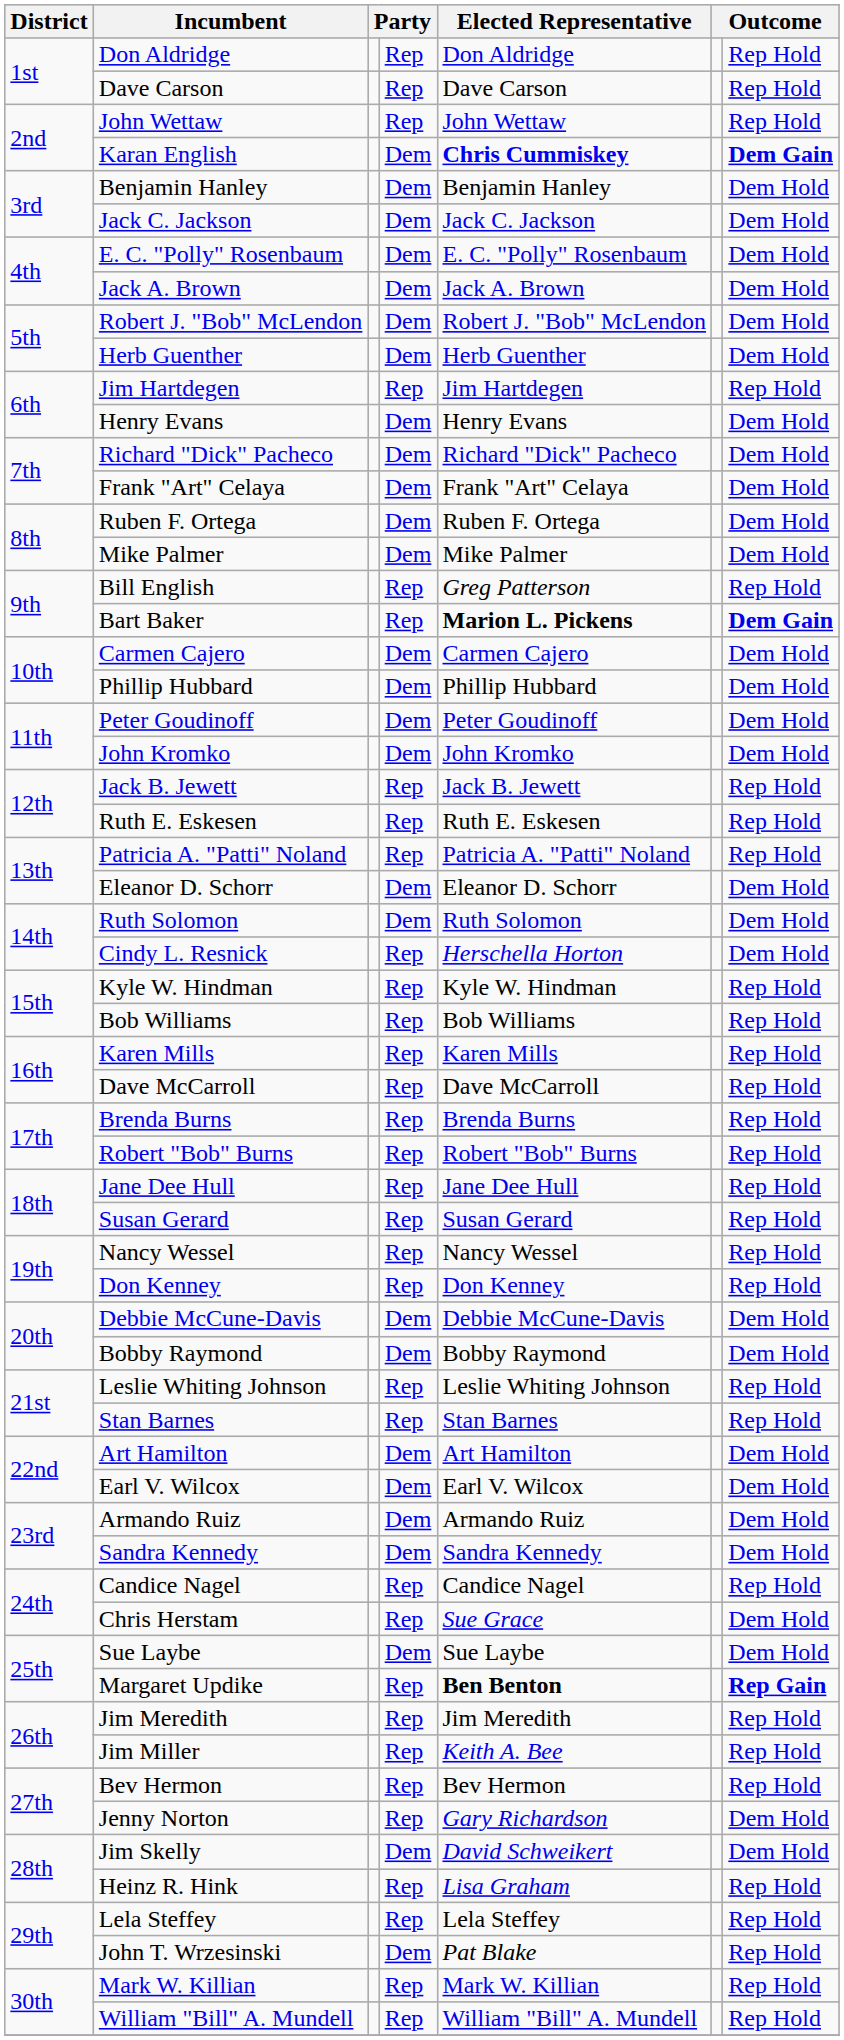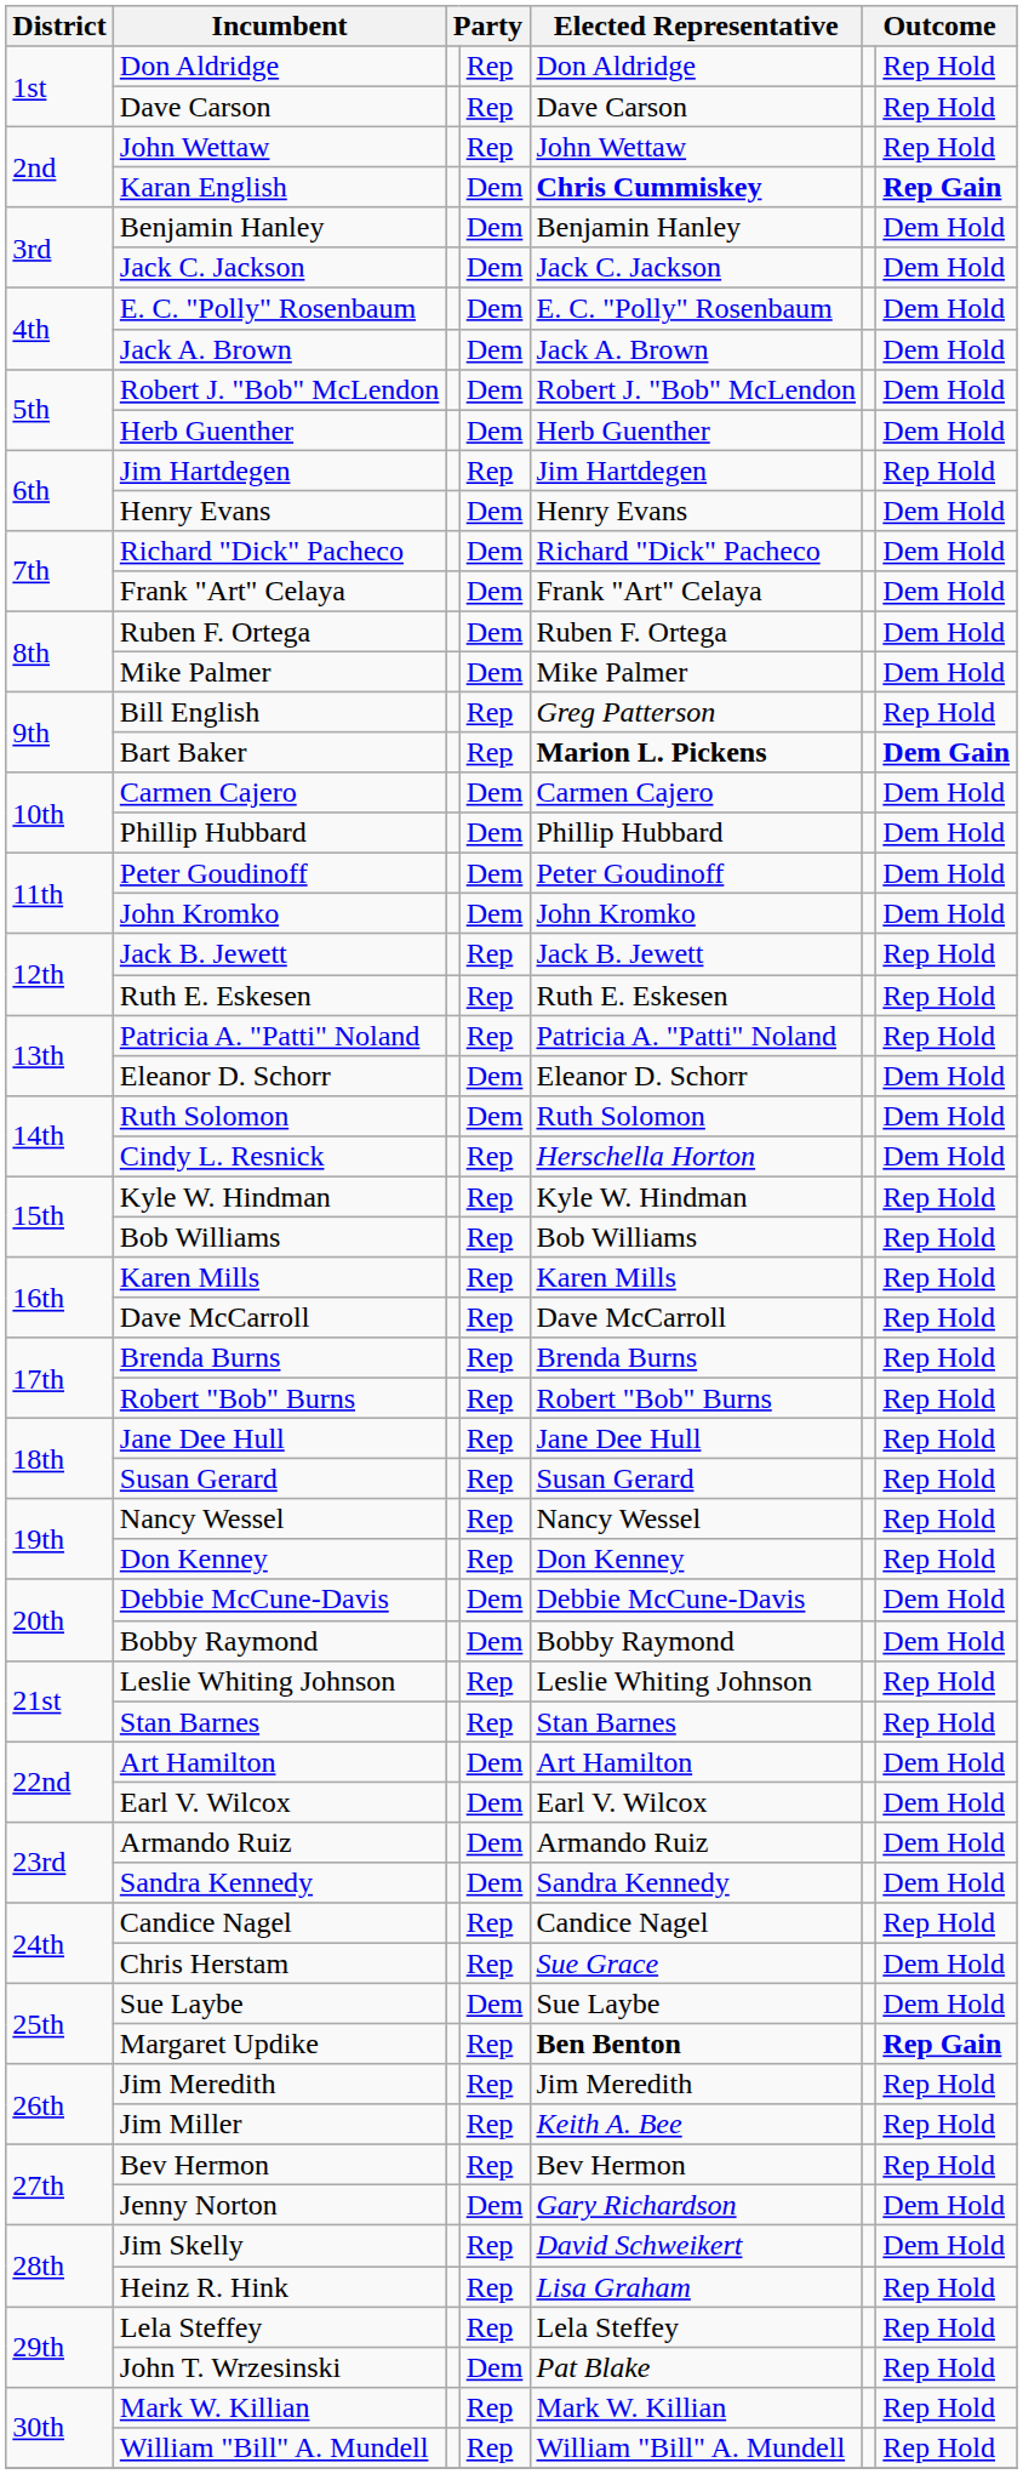 <table class="sortable wikitable" style="font-size:95%;line-height:14px;">
 <tr>
 <th>District</th>
 <th>Incumbent</th>
 <th colspan="2">Party</th>
 <th>Elected Representative</th>
 <th colspan="2">Outcome</th>
 </tr>
 <tr>
 <td rowspan="2"><a href='#'>1st</a></td>
 <td><a href='#'>Don Aldridge</a></td>
 <td style="background:"></td>
 <td><a href='#'>Rep</a></td>
 <td><a href='#'>Don Aldridge</a></td>
 <td style="background:"></td>
 <td><a href='#'>Rep Hold</a></td>
 </tr>
 <tr>
 <td>Dave Carson</td>
 <td style="background:"></td>
 <td><a href='#'>Rep</a></td>
 <td>Dave Carson</td>
 <td style="background:"></td>
 <td><a href='#'>Rep Hold</a></td>
 </tr>
 <tr>
 <td rowspan="2"><a href='#'>2nd</a></td>
 <td><a href='#'>John Wettaw</a></td>
 <td style="background:"></td>
 <td><a href='#'>Rep</a></td>
 <td><a href='#'>John Wettaw</a></td>
 <td style="background:"></td>
 <td><a href='#'>Rep Hold</a></td>
 </tr>
 <tr>
 <td><a href='#'>Karan English</a></td>
 <td style="background:"></td>
 <td><a href='#'>Dem</a></td>
 <td><strong><a href='#'>Chris Cummiskey</a></strong></td>
 <td style="background:"></td>
-<td><strong><a href='#'>Dem Gain</a></strong></td>
+<td><strong><a href='#'>Rep Gain</a></strong></td>
 </tr>
 <tr>
 <td rowspan="2"><a href='#'>3rd</a></td>
 <td>Benjamin Hanley</td>
 <td style="background:"></td>
 <td><a href='#'>Dem</a></td>
 <td>Benjamin Hanley</td>
 <td style="background:"></td>
 <td><a href='#'>Dem Hold</a></td>
 </tr>
 <tr>
 <td><a href='#'>Jack C. Jackson</a></td>
 <td style="background:"></td>
 <td><a href='#'>Dem</a></td>
 <td><a href='#'>Jack C. Jackson</a></td>
 <td style="background:"></td>
 <td><a href='#'>Dem Hold</a></td>
 </tr>
 <tr>
 <td rowspan="2"><a href='#'>4th</a></td>
 <td><a href='#'>E. C. "Polly" Rosenbaum</a></td>
 <td style="background:"></td>
 <td><a href='#'>Dem</a></td>
 <td><a href='#'>E. C. "Polly" Rosenbaum</a></td>
 <td style="background:"></td>
 <td><a href='#'>Dem Hold</a></td>
 </tr>
 <tr>
 <td><a href='#'>Jack A. Brown</a></td>
 <td style="background:"></td>
 <td><a href='#'>Dem</a></td>
 <td><a href='#'>Jack A. Brown</a></td>
 <td style="background:"></td>
 <td><a href='#'>Dem Hold</a></td>
 </tr>
 <tr>
 <td rowspan="2"><a href='#'>5th</a></td>
 <td><a href='#'>Robert J. "Bob" McLendon</a></td>
 <td style="background:"></td>
 <td><a href='#'>Dem</a></td>
 <td><a href='#'>Robert J. "Bob" McLendon</a></td>
 <td style="background:"></td>
 <td><a href='#'>Dem Hold</a></td>
 </tr>
 <tr>
 <td><a href='#'>Herb Guenther</a></td>
 <td style="background:"></td>
 <td><a href='#'>Dem</a></td>
 <td><a href='#'>Herb Guenther</a></td>
 <td style="background:"></td>
 <td><a href='#'>Dem Hold</a></td>
 </tr>
 <tr>
 <td rowspan="2"><a href='#'>6th</a></td>
 <td><a href='#'>Jim Hartdegen</a></td>
 <td style="background:"></td>
 <td><a href='#'>Rep</a></td>
 <td><a href='#'>Jim Hartdegen</a></td>
 <td style="background:"></td>
 <td><a href='#'>Rep Hold</a></td>
 </tr>
 <tr>
 <td>Henry Evans</td>
 <td style="background:"></td>
 <td><a href='#'>Dem</a></td>
 <td>Henry Evans</td>
 <td style="background:"></td>
 <td><a href='#'>Dem Hold</a></td>
 </tr>
 <tr>
 <td rowspan="2"><a href='#'>7th</a></td>
 <td><a href='#'>Richard "Dick" Pacheco</a></td>
 <td style="background:"></td>
 <td><a href='#'>Dem</a></td>
 <td><a href='#'>Richard "Dick" Pacheco</a></td>
 <td style="background:"></td>
 <td><a href='#'>Dem Hold</a></td>
 </tr>
 <tr>
 <td>Frank "Art" Celaya</td>
 <td style="background:"></td>
 <td><a href='#'>Dem</a></td>
 <td>Frank "Art" Celaya</td>
 <td style="background:"></td>
 <td><a href='#'>Dem Hold</a></td>
 </tr>
 <tr>
 <td rowspan="2"><a href='#'>8th</a></td>
 <td>Ruben F. Ortega</td>
 <td style="background:"></td>
 <td><a href='#'>Dem</a></td>
 <td>Ruben F. Ortega</td>
 <td style="background:"></td>
 <td><a href='#'>Dem Hold</a></td>
 </tr>
 <tr>
 <td>Mike Palmer</td>
 <td style="background:"></td>
 <td><a href='#'>Dem</a></td>
 <td>Mike Palmer</td>
 <td style="background:"></td>
 <td><a href='#'>Dem Hold</a></td>
 </tr>
 <tr>
 <td rowspan="2"><a href='#'>9th</a></td>
 <td>Bill English</td>
 <td style="background:"></td>
 <td><a href='#'>Rep</a></td>
 <td><em>Greg Patterson</em></td>
 <td style="background:"></td>
 <td><a href='#'>Rep Hold</a></td>
 </tr>
 <tr>
 <td>Bart Baker</td>
 <td style="background:"></td>
 <td><a href='#'>Rep</a></td>
 <td><strong>Marion L. Pickens</strong></td>
 <td style="background:"></td>
 <td><strong><a href='#'>Dem Gain</a></strong></td>
 </tr>
 <tr>
 <td rowspan="2"><a href='#'>10th</a></td>
 <td><a href='#'>Carmen Cajero</a></td>
 <td style="background:"></td>
 <td><a href='#'>Dem</a></td>
 <td><a href='#'>Carmen Cajero</a></td>
 <td style="background:"></td>
 <td><a href='#'>Dem Hold</a></td>
 </tr>
 <tr>
 <td>Phillip Hubbard</td>
 <td style="background:"></td>
 <td><a href='#'>Dem</a></td>
 <td>Phillip Hubbard</td>
 <td style="background:"></td>
 <td><a href='#'>Dem Hold</a></td>
 </tr>
 <tr>
 <td rowspan="2"><a href='#'>11th</a></td>
 <td><a href='#'>Peter Goudinoff</a></td>
 <td style="background:"></td>
 <td><a href='#'>Dem</a></td>
 <td><a href='#'>Peter Goudinoff</a></td>
 <td style="background:"></td>
 <td><a href='#'>Dem Hold</a></td>
 </tr>
 <tr>
 <td><a href='#'>John Kromko</a></td>
 <td style="background:"></td>
 <td><a href='#'>Dem</a></td>
 <td><a href='#'>John Kromko</a></td>
 <td style="background:"></td>
 <td><a href='#'>Dem Hold</a></td>
 </tr>
 <tr>
 <td rowspan="2"><a href='#'>12th</a></td>
 <td><a href='#'>Jack B. Jewett</a></td>
 <td style="background:"></td>
 <td><a href='#'>Rep</a></td>
 <td><a href='#'>Jack B. Jewett</a></td>
 <td style="background:"></td>
 <td><a href='#'>Rep Hold</a></td>
 </tr>
 <tr>
 <td>Ruth E. Eskesen</td>
 <td style="background:"></td>
 <td><a href='#'>Rep</a></td>
 <td>Ruth E. Eskesen</td>
 <td style="background:"></td>
 <td><a href='#'>Rep Hold</a></td>
 </tr>
 <tr>
 <td rowspan="2"><a href='#'>13th</a></td>
 <td><a href='#'>Patricia A. "Patti" Noland</a></td>
 <td style="background:"></td>
 <td><a href='#'>Rep</a></td>
 <td><a href='#'>Patricia A. "Patti" Noland</a></td>
 <td style="background:"></td>
 <td><a href='#'>Rep Hold</a></td>
 </tr>
 <tr>
 <td>Eleanor D. Schorr</td>
 <td style="background:"></td>
 <td><a href='#'>Dem</a></td>
 <td>Eleanor D. Schorr</td>
 <td style="background:"></td>
 <td><a href='#'>Dem Hold</a></td>
 </tr>
 <tr>
 <td rowspan="2"><a href='#'>14th</a></td>
 <td><a href='#'>Ruth Solomon</a></td>
 <td style="background:"></td>
 <td><a href='#'>Dem</a></td>
 <td><a href='#'>Ruth Solomon</a></td>
 <td style="background:"></td>
 <td><a href='#'>Dem Hold</a></td>
 </tr>
 <tr>
 <td><a href='#'>Cindy L. Resnick</a></td>
 <td style="background:"></td>
 <td><a href='#'>Rep</a></td>
 <td><em><a href='#'>Herschella Horton</a></em></td>
 <td style="background:"></td>
 <td><a href='#'>Dem Hold</a></td>
 </tr>
 <tr>
 <td rowspan="2"><a href='#'>15th</a></td>
 <td>Kyle W. Hindman</td>
 <td style="background:"></td>
 <td><a href='#'>Rep</a></td>
 <td>Kyle W. Hindman</td>
 <td style="background:"></td>
 <td><a href='#'>Rep Hold</a></td>
 </tr>
 <tr>
 <td>Bob Williams</td>
 <td style="background:"></td>
 <td><a href='#'>Rep</a></td>
 <td>Bob Williams</td>
 <td style="background:"></td>
 <td><a href='#'>Rep Hold</a></td>
 </tr>
 <tr>
 <td rowspan="2"><a href='#'>16th</a></td>
 <td><a href='#'>Karen Mills</a></td>
 <td style="background:"></td>
 <td><a href='#'>Rep</a></td>
 <td><a href='#'>Karen Mills</a></td>
 <td style="background:"></td>
 <td><a href='#'>Rep Hold</a></td>
 </tr>
 <tr>
 <td>Dave McCarroll</td>
 <td style="background:"></td>
 <td><a href='#'>Rep</a></td>
 <td>Dave McCarroll</td>
 <td style="background:"></td>
 <td><a href='#'>Rep Hold</a></td>
 </tr>
 <tr>
 <td rowspan="2"><a href='#'>17th</a></td>
 <td><a href='#'>Brenda Burns</a></td>
 <td style="background:"></td>
 <td><a href='#'>Rep</a></td>
 <td><a href='#'>Brenda Burns</a></td>
 <td style="background:"></td>
 <td><a href='#'>Rep Hold</a></td>
 </tr>
 <tr>
 <td><a href='#'>Robert "Bob" Burns</a></td>
 <td style="background:"></td>
 <td><a href='#'>Rep</a></td>
 <td><a href='#'>Robert "Bob" Burns</a></td>
 <td style="background:"></td>
 <td><a href='#'>Rep Hold</a></td>
 </tr>
 <tr>
 <td rowspan="2"><a href='#'>18th</a></td>
 <td><a href='#'>Jane Dee Hull</a></td>
 <td style="background:"></td>
 <td><a href='#'>Rep</a></td>
 <td><a href='#'>Jane Dee Hull</a></td>
 <td style="background:"></td>
 <td><a href='#'>Rep Hold</a></td>
 </tr>
 <tr>
 <td><a href='#'>Susan Gerard</a></td>
 <td style="background:"></td>
 <td><a href='#'>Rep</a></td>
 <td><a href='#'>Susan Gerard</a></td>
 <td style="background:"></td>
 <td><a href='#'>Rep Hold</a></td>
 </tr>
 <tr>
 <td rowspan="2"><a href='#'>19th</a></td>
 <td>Nancy Wessel</td>
 <td style="background:"></td>
 <td><a href='#'>Rep</a></td>
 <td>Nancy Wessel</td>
 <td style="background:"></td>
 <td><a href='#'>Rep Hold</a></td>
 </tr>
 <tr>
 <td><a href='#'>Don Kenney</a></td>
 <td style="background:"></td>
 <td><a href='#'>Rep</a></td>
 <td><a href='#'>Don Kenney</a></td>
 <td style="background:"></td>
 <td><a href='#'>Rep Hold</a></td>
 </tr>
 <tr>
 <td rowspan="2"><a href='#'>20th</a></td>
 <td><a href='#'>Debbie McCune-Davis</a></td>
 <td style="background:"></td>
 <td><a href='#'>Dem</a></td>
 <td><a href='#'>Debbie McCune-Davis</a></td>
 <td style="background:"></td>
 <td><a href='#'>Dem Hold</a></td>
 </tr>
 <tr>
 <td>Bobby Raymond</td>
 <td style="background:"></td>
 <td><a href='#'>Dem</a></td>
 <td>Bobby Raymond</td>
 <td style="background:"></td>
 <td><a href='#'>Dem Hold</a></td>
 </tr>
 <tr>
 <td rowspan="2"><a href='#'>21st</a></td>
 <td>Leslie Whiting Johnson</td>
 <td style="background:"></td>
 <td><a href='#'>Rep</a></td>
 <td>Leslie Whiting Johnson</td>
 <td style="background:"></td>
 <td><a href='#'>Rep Hold</a></td>
 </tr>
 <tr>
 <td><a href='#'>Stan Barnes</a></td>
 <td style="background:"></td>
 <td><a href='#'>Rep</a></td>
 <td><a href='#'>Stan Barnes</a></td>
 <td style="background:"></td>
 <td><a href='#'>Rep Hold</a></td>
 </tr>
 <tr>
 <td rowspan="2"><a href='#'>22nd</a></td>
 <td><a href='#'>Art Hamilton</a></td>
 <td style="background:"></td>
 <td><a href='#'>Dem</a></td>
 <td><a href='#'>Art Hamilton</a></td>
 <td style="background:"></td>
 <td><a href='#'>Dem Hold</a></td>
 </tr>
 <tr>
 <td>Earl V. Wilcox</td>
 <td style="background:"></td>
 <td><a href='#'>Dem</a></td>
 <td>Earl V. Wilcox</td>
 <td style="background:"></td>
 <td><a href='#'>Dem Hold</a></td>
 </tr>
 <tr>
 <td rowspan="2"><a href='#'>23rd</a></td>
 <td>Armando Ruiz</td>
 <td style="background:"></td>
 <td><a href='#'>Dem</a></td>
 <td>Armando Ruiz</td>
 <td style="background:"></td>
 <td><a href='#'>Dem Hold</a></td>
 </tr>
 <tr>
 <td><a href='#'>Sandra Kennedy</a></td>
 <td style="background:"></td>
 <td><a href='#'>Dem</a></td>
 <td><a href='#'>Sandra Kennedy</a></td>
 <td style="background:"></td>
 <td><a href='#'>Dem Hold</a></td>
 </tr>
 <tr>
 <td rowspan="2"><a href='#'>24th</a></td>
 <td>Candice Nagel</td>
 <td style="background:"></td>
 <td><a href='#'>Rep</a></td>
 <td>Candice Nagel</td>
 <td style="background:"></td>
 <td><a href='#'>Rep Hold</a></td>
 </tr>
 <tr>
 <td>Chris Herstam</td>
 <td style="background:"></td>
 <td><a href='#'>Rep</a></td>
 <td><em><a href='#'>Sue Grace</a></em></td>
 <td style="background:"></td>
 <td><a href='#'>Dem Hold</a></td>
 </tr>
 <tr>
 <td rowspan="2"><a href='#'>25th</a></td>
 <td>Sue Laybe</td>
 <td style="background:"></td>
 <td><a href='#'>Dem</a></td>
 <td>Sue Laybe</td>
 <td style="background:"></td>
 <td><a href='#'>Dem Hold</a></td>
 </tr>
 <tr>
 <td>Margaret Updike</td>
 <td style="background:"></td>
 <td><a href='#'>Rep</a></td>
 <td><strong>Ben Benton</strong></td>
 <td style="background:"></td>
 <td><strong><a href='#'>Rep Gain</a></strong></td>
 </tr>
 <tr>
 <td rowspan="2"><a href='#'>26th</a></td>
 <td>Jim Meredith</td>
 <td style="background:"></td>
 <td><a href='#'>Rep</a></td>
 <td>Jim Meredith</td>
 <td style="background:"></td>
 <td><a href='#'>Rep Hold</a></td>
 </tr>
 <tr>
 <td>Jim Miller</td>
 <td style="background:"></td>
 <td><a href='#'>Rep</a></td>
 <td><em><a href='#'>Keith A. Bee</a></em></td>
 <td style="background:"></td>
 <td><a href='#'>Rep Hold</a></td>
 </tr>
 <tr>
 <td rowspan="2"><a href='#'>27th</a></td>
 <td>Bev Hermon</td>
 <td style="background:"></td>
 <td><a href='#'>Rep</a></td>
 <td>Bev Hermon</td>
 <td style="background:"></td>
 <td><a href='#'>Rep Hold</a></td>
 </tr>
 <tr>
 <td>Jenny Norton</td>
 <td style="background:"></td>
-<td><a href='#'>Rep</a></td>
+<td><a href='#'>Dem</a></td>
 <td><em><a href='#'>Gary Richardson</a></em></td>
 <td style="background:"></td>
 <td><a href='#'>Dem Hold</a></td>
 </tr>
 <tr>
 <td rowspan="2"><a href='#'>28th</a></td>
 <td>Jim Skelly</td>
 <td style="background:"></td>
-<td><a href='#'>Dem</a></td>
+<td><a href='#'>Rep</a></td>
 <td><em><a href='#'>David Schweikert</a></em></td>
 <td style="background:"></td>
 <td><a href='#'>Dem Hold</a></td>
 </tr>
 <tr>
 <td>Heinz R. Hink</td>
 <td style="background:"></td>
 <td><a href='#'>Rep</a></td>
 <td><em><a href='#'>Lisa Graham</a></em></td>
 <td style="background:"></td>
 <td><a href='#'>Rep Hold</a></td>
 </tr>
 <tr>
 <td rowspan="2"><a href='#'>29th</a></td>
 <td>Lela Steffey</td>
 <td style="background:"></td>
 <td><a href='#'>Rep</a></td>
 <td>Lela Steffey</td>
 <td style="background:"></td>
 <td><a href='#'>Rep Hold</a></td>
 </tr>
 <tr>
 <td>John T. Wrzesinski</td>
 <td style="background:"></td>
 <td><a href='#'>Dem</a></td>
 <td><em>Pat Blake</em></td>
 <td style="background:"></td>
 <td><a href='#'>Rep Hold</a></td>
 </tr>
 <tr>
 <td rowspan="2"><a href='#'>30th</a></td>
 <td><a href='#'>Mark W. Killian</a></td>
 <td style="background:"></td>
 <td><a href='#'>Rep</a></td>
 <td><a href='#'>Mark W. Killian</a></td>
 <td style="background:"></td>
 <td><a href='#'>Rep Hold</a></td>
 </tr>
 <tr>
 <td><a href='#'>William "Bill" A. Mundell</a></td>
 <td style="background:"></td>
 <td><a href='#'>Rep</a></td>
 <td><a href='#'>William "Bill" A. Mundell</a></td>
 <td style="background:"></td>
 <td><a href='#'>Rep Hold</a></td>
 </tr>
 <tr>
 </tr>
 </table>
